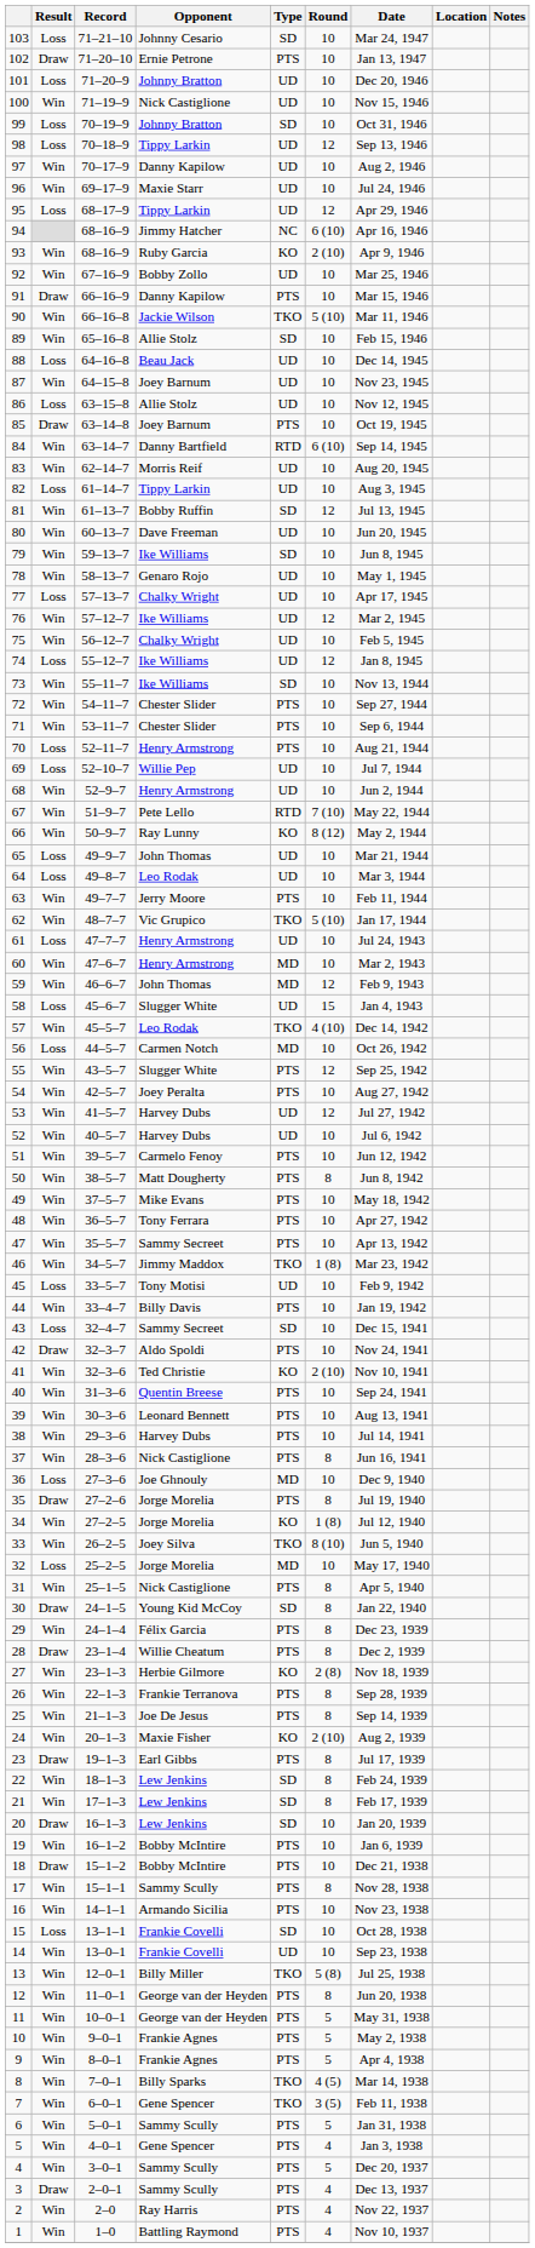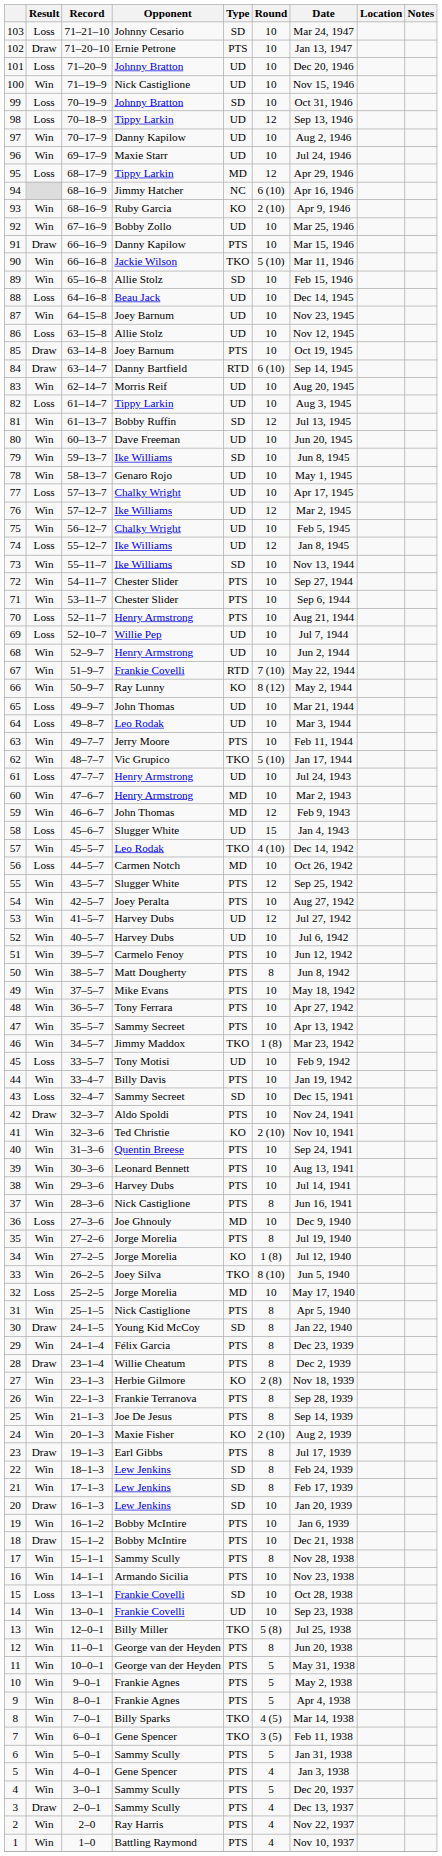 <table class="wikitable" style="text-align:center">
 <tr>
 <th></th>
 <th>Result</th>
 <th>Record</th>
 <th>Opponent</th>
 <th>Type</th>
 <th>Round</th>
 <th>Date</th>
 <th>Location</th>
 <th>Notes</th>
 </tr>
 <tr>
 <td>103</td>
 <td>Loss</td>
 <td>71–21–10 </td>
 <td align=left>Johnny Cesario</td>
 <td>SD</td>
 <td>10</td>
 <td>Mar 24, 1947</td>
 <td style="text-align:left;"></td>
 <td></td>
 </tr>
 <tr>
 <td>102</td>
 <td>Draw</td>
 <td>71–20–10 </td>
 <td align=left>Ernie Petrone</td>
 <td>PTS</td>
 <td>10</td>
 <td>Jan 13, 1947</td>
 <td style="text-align:left;"></td>
 <td></td>
 </tr>
 <tr>
 <td>101</td>
 <td>Loss</td>
 <td>71–20–9 </td>
 <td align=left><a href='#'>Johnny Bratton</a></td>
 <td>UD</td>
 <td>10</td>
 <td>Dec 20, 1946</td>
 <td style="text-align:left;"></td>
 <td></td>
 </tr>
 <tr>
 <td>100</td>
 <td>Win</td>
 <td>71–19–9 </td>
 <td align=left>Nick Castiglione</td>
 <td>UD</td>
 <td>10</td>
 <td>Nov 15, 1946</td>
 <td style="text-align:left;"></td>
 <td></td>
 </tr>
 <tr>
 <td>99</td>
 <td>Loss</td>
 <td>70–19–9 </td>
 <td align=left><a href='#'>Johnny Bratton</a></td>
 <td>SD</td>
 <td>10</td>
 <td>Oct 31, 1946</td>
 <td style="text-align:left;"></td>
 <td></td>
 </tr>
 <tr>
 <td>98</td>
 <td>Loss</td>
 <td>70–18–9 </td>
 <td align=left><a href='#'>Tippy Larkin</a></td>
 <td>UD</td>
 <td>12</td>
 <td>Sep 13, 1946</td>
 <td style="text-align:left;"></td>
 <td style="text-align:left;"></td>
 </tr>
 <tr>
 <td>97</td>
 <td>Win</td>
 <td>70–17–9 </td>
 <td align=left>Danny Kapilow</td>
 <td>UD</td>
 <td>10</td>
 <td>Aug 2, 1946</td>
 <td style="text-align:left;"></td>
 <td></td>
 </tr>
 <tr>
 <td>96</td>
 <td>Win</td>
 <td>69–17–9 </td>
 <td align=left>Maxie Starr</td>
 <td>UD</td>
 <td>10</td>
 <td>Jul 24, 1946</td>
 <td style="text-align:left;"></td>
 <td></td>
 </tr>
 <tr>
 <td>95</td>
 <td>Loss</td>
 <td>68–17–9 </td>
 <td align=left><a href='#'>Tippy Larkin</a></td>
-<td>UD</td>
+<td>MD</td>
 <td>12</td>
 <td>Apr 29, 1946</td>
 <td style="text-align:left;"></td>
 <td style="text-align:left;"></td>
 </tr>
 <tr>
 <td>94</td>
 <td style="background:#DDD"></td>
 <td>68–16–9 </td>
 <td align=left>Jimmy Hatcher</td>
 <td>NC</td>
 <td>6 (10)</td>
 <td>Apr 16, 1946</td>
 <td style="text-align:left;"></td>
 <td></td>
 </tr>
 <tr>
 <td>93</td>
 <td>Win</td>
 <td>68–16–9</td>
 <td align=left>Ruby Garcia</td>
 <td>KO</td>
 <td>2 (10)</td>
 <td>Apr 9, 1946</td>
 <td style="text-align:left;"></td>
 <td></td>
 </tr>
 <tr>
 <td>92</td>
 <td>Win</td>
 <td>67–16–9</td>
 <td align=left>Bobby Zollo</td>
 <td>UD</td>
 <td>10</td>
 <td>Mar 25, 1946</td>
 <td style="text-align:left;"></td>
 <td></td>
 </tr>
 <tr>
 <td>91</td>
 <td>Draw</td>
 <td>66–16–9</td>
 <td align=left>Danny Kapilow</td>
 <td>PTS</td>
 <td>10</td>
 <td>Mar 15, 1946</td>
 <td style="text-align:left;"></td>
 <td></td>
 </tr>
 <tr>
 <td>90</td>
 <td>Win</td>
 <td>66–16–8</td>
 <td align=left><a href='#'>Jackie Wilson</a></td>
 <td>TKO</td>
 <td>5 (10)</td>
 <td>Mar 11, 1946</td>
 <td style="text-align:left;"></td>
 <td></td>
 </tr>
 <tr>
 <td>89</td>
 <td>Win</td>
 <td>65–16–8</td>
 <td align=left>Allie Stolz</td>
 <td>SD</td>
 <td>10</td>
 <td>Feb 15, 1946</td>
 <td style="text-align:left;"></td>
 <td></td>
 </tr>
 <tr>
 <td>88</td>
 <td>Loss</td>
 <td>64–16–8</td>
 <td align=left><a href='#'>Beau Jack</a></td>
 <td>UD</td>
 <td>10</td>
 <td>Dec 14, 1945</td>
 <td style="text-align:left;"></td>
 <td></td>
 </tr>
 <tr>
 <td>87</td>
 <td>Win</td>
 <td>64–15–8</td>
 <td align=left>Joey Barnum</td>
 <td>UD</td>
 <td>10</td>
 <td>Nov 23, 1945</td>
 <td style="text-align:left;"></td>
 <td></td>
 </tr>
 <tr>
 <td>86</td>
 <td>Loss</td>
 <td>63–15–8</td>
 <td align=left>Allie Stolz</td>
 <td>UD</td>
 <td>10</td>
 <td>Nov 12, 1945</td>
 <td style="text-align:left;"></td>
 <td></td>
 </tr>
 <tr>
 <td>85</td>
 <td>Draw</td>
 <td>63–14–8</td>
 <td align=left>Joey Barnum</td>
 <td>PTS</td>
 <td>10</td>
 <td>Oct 19, 1945</td>
 <td style="text-align:left;"></td>
 <td></td>
 </tr>
 <tr>
 <td>84</td>
-<td>Win</td>
+<td>Draw</td>
 <td>63–14–7</td>
 <td align=left>Danny Bartfield</td>
 <td>RTD</td>
 <td>6 (10)</td>
 <td>Sep 14, 1945</td>
 <td style="text-align:left;"></td>
 <td></td>
 </tr>
 <tr>
 <td>83</td>
 <td>Win</td>
 <td>62–14–7</td>
 <td align=left>Morris Reif</td>
 <td>UD</td>
 <td>10</td>
 <td>Aug 20, 1945</td>
 <td style="text-align:left;"></td>
 <td></td>
 </tr>
 <tr>
 <td>82</td>
 <td>Loss</td>
 <td>61–14–7</td>
 <td align=left><a href='#'>Tippy Larkin</a></td>
 <td>UD</td>
 <td>10</td>
 <td>Aug 3, 1945</td>
 <td style="text-align:left;"></td>
 <td></td>
 </tr>
 <tr>
 <td>81</td>
 <td>Win</td>
 <td>61–13–7</td>
 <td align=left>Bobby Ruffin</td>
 <td>SD</td>
 <td>12</td>
 <td>Jul 13, 1945</td>
 <td style="text-align:left;"></td>
 <td></td>
 </tr>
 <tr>
 <td>80</td>
 <td>Win</td>
 <td>60–13–7</td>
 <td align=left>Dave Freeman</td>
 <td>UD</td>
 <td>10</td>
 <td>Jun 20, 1945</td>
 <td style="text-align:left;"></td>
 <td></td>
 </tr>
 <tr>
 <td>79</td>
 <td>Win</td>
 <td>59–13–7</td>
 <td align=left><a href='#'>Ike Williams</a></td>
 <td>SD</td>
 <td>10</td>
 <td>Jun 8, 1945</td>
 <td style="text-align:left;"></td>
 <td></td>
 </tr>
 <tr>
 <td>78</td>
 <td>Win</td>
 <td>58–13–7</td>
 <td align=left>Genaro Rojo</td>
 <td>UD</td>
 <td>10</td>
 <td>May 1, 1945</td>
 <td style="text-align:left;"></td>
 <td></td>
 </tr>
 <tr>
 <td>77</td>
 <td>Loss</td>
 <td>57–13–7</td>
 <td align=left><a href='#'>Chalky Wright</a></td>
 <td>UD</td>
 <td>10</td>
 <td>Apr 17, 1945</td>
 <td style="text-align:left;"></td>
 <td></td>
 </tr>
 <tr>
 <td>76</td>
 <td>Win</td>
 <td>57–12–7</td>
 <td align=left><a href='#'>Ike Williams</a></td>
 <td>UD</td>
 <td>12</td>
 <td>Mar 2, 1945</td>
 <td style="text-align:left;"></td>
 <td></td>
 </tr>
 <tr>
 <td>75</td>
 <td>Win</td>
 <td>56–12–7</td>
 <td align=left><a href='#'>Chalky Wright</a></td>
 <td>UD</td>
 <td>10</td>
 <td>Feb 5, 1945</td>
 <td style="text-align:left;"></td>
 <td></td>
 </tr>
 <tr>
 <td>74</td>
 <td>Loss</td>
 <td>55–12–7</td>
 <td align=left><a href='#'>Ike Williams</a></td>
 <td>UD</td>
 <td>12</td>
 <td>Jan 8, 1945</td>
 <td style="text-align:left;"></td>
 <td></td>
 </tr>
 <tr>
 <td>73</td>
 <td>Win</td>
 <td>55–11–7</td>
 <td align=left><a href='#'>Ike Williams</a></td>
 <td>SD</td>
 <td>10</td>
 <td>Nov 13, 1944</td>
 <td style="text-align:left;"></td>
 <td></td>
 </tr>
 <tr>
 <td>72</td>
 <td>Win</td>
 <td>54–11–7</td>
 <td align=left>Chester Slider</td>
 <td>PTS</td>
 <td>10</td>
 <td>Sep 27, 1944</td>
 <td style="text-align:left;"></td>
 <td></td>
 </tr>
 <tr>
 <td>71</td>
 <td>Win</td>
 <td>53–11–7</td>
 <td align=left>Chester Slider</td>
 <td>PTS</td>
 <td>10</td>
 <td>Sep 6, 1944</td>
 <td style="text-align:left;"></td>
 <td></td>
 </tr>
 <tr>
 <td>70</td>
 <td>Loss</td>
 <td>52–11–7</td>
 <td align=left><a href='#'>Henry Armstrong</a></td>
 <td>PTS</td>
 <td>10</td>
 <td>Aug 21, 1944</td>
 <td style="text-align:left;"></td>
 <td></td>
 </tr>
 <tr>
 <td>69</td>
 <td>Loss</td>
 <td>52–10–7</td>
 <td align=left><a href='#'>Willie Pep</a></td>
 <td>UD</td>
 <td>10</td>
 <td>Jul 7, 1944</td>
 <td style="text-align:left;"></td>
 <td></td>
 </tr>
 <tr>
 <td>68</td>
 <td>Win</td>
 <td>52–9–7</td>
 <td align=left><a href='#'>Henry Armstrong</a></td>
 <td>UD</td>
 <td>10</td>
 <td>Jun 2, 1944</td>
 <td style="text-align:left;"></td>
 <td></td>
 </tr>
 <tr>
 <td>67</td>
 <td>Win</td>
 <td>51–9–7</td>
-<td align=left>Pete Lello</td>
+<td align=left><a href='#'>Frankie Covelli</a></td>
 <td>RTD</td>
 <td>7 (10)</td>
 <td>May 22, 1944</td>
 <td style="text-align:left;"></td>
 <td></td>
 </tr>
 <tr>
 <td>66</td>
 <td>Win</td>
 <td>50–9–7</td>
 <td align=left>Ray Lunny</td>
 <td>KO</td>
 <td>8 (12)</td>
 <td>May 2, 1944</td>
 <td style="text-align:left;"></td>
 <td style="text-align:left;"></td>
 </tr>
 <tr>
 <td>65</td>
 <td>Loss</td>
 <td>49–9–7</td>
 <td align=left>John Thomas</td>
 <td>UD</td>
 <td>10</td>
 <td>Mar 21, 1944</td>
 <td style="text-align:left;"></td>
 <td></td>
 </tr>
 <tr>
 <td>64</td>
 <td>Loss</td>
 <td>49–8–7</td>
 <td align=left><a href='#'>Leo Rodak</a></td>
 <td>UD</td>
 <td>10</td>
 <td>Mar 3, 1944</td>
 <td style="text-align:left;"></td>
 <td></td>
 </tr>
 <tr>
 <td>63</td>
 <td>Win</td>
 <td>49–7–7</td>
 <td align=left>Jerry Moore</td>
 <td>PTS</td>
 <td>10</td>
 <td>Feb 11, 1944</td>
 <td style="text-align:left;"></td>
 <td></td>
 </tr>
 <tr>
 <td>62</td>
 <td>Win</td>
 <td>48–7–7</td>
 <td align=left>Vic Grupico</td>
 <td>TKO</td>
 <td>5 (10)</td>
 <td>Jan 17, 1944</td>
 <td style="text-align:left;"></td>
 <td></td>
 </tr>
 <tr>
 <td>61</td>
 <td>Loss</td>
 <td>47–7–7</td>
 <td align=left><a href='#'>Henry Armstrong</a></td>
 <td>UD</td>
 <td>10</td>
 <td>Jul 24, 1943</td>
 <td style="text-align:left;"></td>
 <td></td>
 </tr>
 <tr>
 <td>60</td>
 <td>Win</td>
 <td>47–6–7</td>
 <td align=left><a href='#'>Henry Armstrong</a></td>
 <td>MD</td>
 <td>10</td>
 <td>Mar 2, 1943</td>
 <td style="text-align:left;"></td>
 <td></td>
 </tr>
 <tr>
 <td>59</td>
 <td>Win</td>
 <td>46–6–7</td>
 <td align=left>John Thomas</td>
 <td>MD</td>
 <td>12</td>
 <td>Feb 9, 1943</td>
 <td style="text-align:left;"></td>
 <td></td>
 </tr>
 <tr>
 <td>58</td>
 <td>Loss</td>
 <td>45–6–7</td>
 <td align=left>Slugger White</td>
 <td>UD</td>
 <td>15</td>
 <td>Jan 4, 1943</td>
 <td style="text-align:left;"></td>
 <td style="text-align:left;"></td>
 </tr>
 <tr>
 <td>57</td>
 <td>Win</td>
 <td>45–5–7</td>
 <td align=left><a href='#'>Leo Rodak</a></td>
 <td>TKO</td>
 <td>4 (10)</td>
 <td>Dec 14, 1942</td>
 <td style="text-align:left;"></td>
 <td></td>
 </tr>
 <tr>
 <td>56</td>
 <td>Loss</td>
 <td>44–5–7</td>
 <td align=left>Carmen Notch</td>
 <td>MD</td>
 <td>10</td>
 <td>Oct 26, 1942</td>
 <td style="text-align:left;"></td>
 <td></td>
 </tr>
 <tr>
 <td>55</td>
 <td>Win</td>
 <td>43–5–7</td>
 <td align=left>Slugger White</td>
 <td>PTS</td>
 <td>12</td>
 <td>Sep 25, 1942</td>
 <td style="text-align:left;"></td>
 <td style="text-align:left;"></td>
 </tr>
 <tr>
 <td>54</td>
 <td>Win</td>
 <td>42–5–7</td>
 <td align=left>Joey Peralta</td>
 <td>PTS</td>
 <td>10</td>
 <td>Aug 27, 1942</td>
 <td style="text-align:left;"></td>
 <td></td>
 </tr>
 <tr>
 <td>53</td>
 <td>Win</td>
 <td>41–5–7</td>
 <td align=left>Harvey Dubs</td>
 <td>UD</td>
 <td>12</td>
 <td>Jul 27, 1942</td>
 <td style="text-align:left;"></td>
 <td></td>
 </tr>
 <tr>
 <td>52</td>
 <td>Win</td>
 <td>40–5–7</td>
 <td align=left>Harvey Dubs</td>
 <td>UD</td>
 <td>10</td>
 <td>Jul 6, 1942</td>
 <td style="text-align:left;"></td>
 <td></td>
 </tr>
 <tr>
 <td>51</td>
 <td>Win</td>
 <td>39–5–7</td>
 <td align=left>Carmelo Fenoy</td>
 <td>PTS</td>
 <td>10</td>
 <td>Jun 12, 1942</td>
 <td style="text-align:left;"></td>
 <td></td>
 </tr>
 <tr>
 <td>50</td>
 <td>Win</td>
 <td>38–5–7</td>
 <td align=left>Matt Dougherty</td>
 <td>PTS</td>
 <td>8</td>
 <td>Jun 8, 1942</td>
 <td style="text-align:left;"></td>
 <td></td>
 </tr>
 <tr>
 <td>49</td>
 <td>Win</td>
 <td>37–5–7</td>
 <td align=left>Mike Evans</td>
 <td>PTS</td>
 <td>10</td>
 <td>May 18, 1942</td>
 <td style="text-align:left;"></td>
 <td></td>
 </tr>
 <tr>
 <td>48</td>
 <td>Win</td>
 <td>36–5–7</td>
 <td align=left>Tony Ferrara</td>
 <td>PTS</td>
 <td>10</td>
 <td>Apr 27, 1942</td>
 <td style="text-align:left;"></td>
 <td></td>
 </tr>
 <tr>
 <td>47</td>
 <td>Win</td>
 <td>35–5–7</td>
 <td align=left>Sammy Secreet</td>
 <td>PTS</td>
 <td>10</td>
 <td>Apr 13, 1942</td>
 <td style="text-align:left;"></td>
 <td></td>
 </tr>
 <tr>
 <td>46</td>
 <td>Win</td>
 <td>34–5–7</td>
 <td align=left>Jimmy Maddox</td>
 <td>TKO</td>
 <td>1 (8)</td>
 <td>Mar 23, 1942</td>
 <td style="text-align:left;"></td>
 <td></td>
 </tr>
 <tr>
 <td>45</td>
 <td>Loss</td>
 <td>33–5–7</td>
 <td align=left>Tony Motisi</td>
 <td>UD</td>
 <td>10</td>
 <td>Feb 9, 1942</td>
 <td style="text-align:left;"></td>
 <td></td>
 </tr>
 <tr>
 <td>44</td>
 <td>Win</td>
 <td>33–4–7</td>
 <td align=left>Billy Davis</td>
 <td>PTS</td>
 <td>10</td>
 <td>Jan 19, 1942</td>
 <td style="text-align:left;"></td>
 <td></td>
 </tr>
 <tr>
 <td>43</td>
 <td>Loss</td>
 <td>32–4–7</td>
 <td align=left>Sammy Secreet</td>
 <td>SD</td>
 <td>10</td>
 <td>Dec 15, 1941</td>
 <td style="text-align:left;"></td>
 <td></td>
 </tr>
 <tr>
 <td>42</td>
 <td>Draw</td>
 <td>32–3–7</td>
 <td align=left>Aldo Spoldi</td>
 <td>PTS</td>
 <td>10</td>
 <td>Nov 24, 1941</td>
 <td style="text-align:left;"></td>
 <td></td>
 </tr>
 <tr>
 <td>41</td>
 <td>Win</td>
 <td>32–3–6</td>
 <td align=left>Ted Christie</td>
 <td>KO</td>
 <td>2 (10)</td>
 <td>Nov 10, 1941</td>
 <td style="text-align:left;"></td>
 <td></td>
 </tr>
 <tr>
 <td>40</td>
 <td>Win</td>
 <td>31–3–6</td>
 <td align=left><a href='#'>Quentin Breese</a></td>
 <td>PTS</td>
 <td>10</td>
 <td>Sep 24, 1941</td>
 <td style="text-align:left;"></td>
 <td></td>
 </tr>
 <tr>
 <td>39</td>
 <td>Win</td>
 <td>30–3–6</td>
 <td align=left>Leonard Bennett</td>
 <td>PTS</td>
 <td>10</td>
 <td>Aug 13, 1941</td>
 <td style="text-align:left;"></td>
 <td></td>
 </tr>
 <tr>
 <td>38</td>
 <td>Win</td>
 <td>29–3–6</td>
 <td align=left>Harvey Dubs</td>
 <td>PTS</td>
 <td>10</td>
 <td>Jul 14, 1941</td>
 <td style="text-align:left;"></td>
 <td></td>
 </tr>
 <tr>
 <td>37</td>
 <td>Win</td>
 <td>28–3–6</td>
 <td align=left>Nick Castiglione</td>
 <td>PTS</td>
 <td>8</td>
 <td>Jun 16, 1941</td>
 <td style="text-align:left;"></td>
 <td></td>
 </tr>
 <tr>
 <td>36</td>
 <td>Loss</td>
 <td>27–3–6</td>
 <td align=left>Joe Ghnouly</td>
 <td>MD</td>
 <td>10</td>
 <td>Dec 9, 1940</td>
 <td style="text-align:left;"></td>
 <td></td>
 </tr>
 <tr>
 <td>35</td>
-<td>Draw</td>
+<td>Win</td>
 <td>27–2–6</td>
 <td align=left>Jorge Morelia</td>
 <td>PTS</td>
 <td>8</td>
 <td>Jul 19, 1940</td>
 <td style="text-align:left;"></td>
 <td></td>
 </tr>
 <tr>
 <td>34</td>
 <td>Win</td>
 <td>27–2–5</td>
 <td align=left>Jorge Morelia</td>
 <td>KO</td>
 <td>1 (8)</td>
 <td>Jul 12, 1940</td>
 <td style="text-align:left;"></td>
 <td></td>
 </tr>
 <tr>
 <td>33</td>
 <td>Win</td>
 <td>26–2–5</td>
 <td align=left>Joey Silva</td>
 <td>TKO</td>
 <td>8 (10)</td>
 <td>Jun 5, 1940</td>
 <td style="text-align:left;"></td>
 <td></td>
 </tr>
 <tr>
 <td>32</td>
 <td>Loss</td>
 <td>25–2–5</td>
 <td align=left>Jorge Morelia</td>
 <td>MD</td>
 <td>10</td>
 <td>May 17, 1940</td>
 <td style="text-align:left;"></td>
 <td></td>
 </tr>
 <tr>
 <td>31</td>
 <td>Win</td>
 <td>25–1–5</td>
 <td align=left>Nick Castiglione</td>
 <td>PTS</td>
 <td>8</td>
 <td>Apr 5, 1940</td>
 <td style="text-align:left;"></td>
 <td></td>
 </tr>
 <tr>
 <td>30</td>
 <td>Draw</td>
 <td>24–1–5</td>
 <td align=left>Young Kid McCoy</td>
 <td>SD</td>
 <td>8</td>
 <td>Jan 22, 1940</td>
 <td style="text-align:left;"></td>
 <td></td>
 </tr>
 <tr>
 <td>29</td>
 <td>Win</td>
 <td>24–1–4</td>
 <td align=left>Félix Garcia</td>
 <td>PTS</td>
 <td>8</td>
 <td>Dec 23, 1939</td>
 <td style="text-align:left;"></td>
 <td></td>
 </tr>
 <tr>
 <td>28</td>
 <td>Draw</td>
 <td>23–1–4</td>
 <td align=left>Willie Cheatum</td>
 <td>PTS</td>
 <td>8</td>
 <td>Dec 2, 1939</td>
 <td style="text-align:left;"></td>
 <td></td>
 </tr>
 <tr>
 <td>27</td>
 <td>Win</td>
 <td>23–1–3</td>
 <td align=left>Herbie Gilmore</td>
 <td>KO</td>
 <td>2 (8)</td>
 <td>Nov 18, 1939</td>
 <td style="text-align:left;"></td>
 <td></td>
 </tr>
 <tr>
 <td>26</td>
 <td>Win</td>
 <td>22–1–3</td>
 <td align=left>Frankie Terranova</td>
 <td>PTS</td>
 <td>8</td>
 <td>Sep 28, 1939</td>
 <td style="text-align:left;"></td>
 <td></td>
 </tr>
 <tr>
 <td>25</td>
 <td>Win</td>
 <td>21–1–3</td>
 <td align=left>Joe De Jesus</td>
 <td>PTS</td>
 <td>8</td>
 <td>Sep 14, 1939</td>
 <td style="text-align:left;"></td>
 <td></td>
 </tr>
 <tr>
 <td>24</td>
 <td>Win</td>
 <td>20–1–3</td>
 <td align=left>Maxie Fisher</td>
 <td>KO</td>
 <td>2 (10)</td>
 <td>Aug 2, 1939</td>
 <td style="text-align:left;"></td>
 <td></td>
 </tr>
 <tr>
 <td>23</td>
 <td>Draw</td>
 <td>19–1–3</td>
 <td align=left>Earl Gibbs</td>
 <td>PTS</td>
 <td>8</td>
 <td>Jul 17, 1939</td>
 <td style="text-align:left;"></td>
 <td></td>
 </tr>
 <tr>
 <td>22</td>
 <td>Win</td>
 <td>18–1–3</td>
 <td align=left><a href='#'>Lew Jenkins</a></td>
 <td>SD</td>
 <td>8</td>
 <td>Feb 24, 1939</td>
 <td style="text-align:left;"></td>
 <td></td>
 </tr>
 <tr>
 <td>21</td>
 <td>Win</td>
 <td>17–1–3</td>
 <td align=left><a href='#'>Lew Jenkins</a></td>
 <td>SD</td>
 <td>8</td>
 <td>Feb 17, 1939</td>
 <td style="text-align:left;"></td>
 <td></td>
 </tr>
 <tr>
 <td>20</td>
 <td>Draw</td>
 <td>16–1–3</td>
 <td align=left><a href='#'>Lew Jenkins</a></td>
 <td>SD</td>
 <td>10</td>
 <td>Jan 20, 1939</td>
 <td style="text-align:left;"></td>
 <td></td>
 </tr>
 <tr>
 <td>19</td>
 <td>Win</td>
 <td>16–1–2</td>
 <td align=left>Bobby McIntire</td>
 <td>PTS</td>
 <td>10</td>
 <td>Jan 6, 1939</td>
 <td style="text-align:left;"></td>
 <td></td>
 </tr>
 <tr>
 <td>18</td>
 <td>Draw</td>
 <td>15–1–2</td>
 <td align=left>Bobby McIntire</td>
 <td>PTS</td>
 <td>10</td>
 <td>Dec 21, 1938</td>
 <td style="text-align:left;"></td>
 <td></td>
 </tr>
 <tr>
 <td>17</td>
 <td>Win</td>
 <td>15–1–1</td>
 <td align=left>Sammy Scully</td>
 <td>PTS</td>
 <td>8</td>
 <td>Nov 28, 1938</td>
 <td style="text-align:left;"></td>
 <td></td>
 </tr>
 <tr>
 <td>16</td>
 <td>Win</td>
 <td>14–1–1</td>
 <td align=left>Armando Sicilia</td>
 <td>PTS</td>
 <td>10</td>
 <td>Nov 23, 1938</td>
 <td style="text-align:left;"></td>
 <td></td>
 </tr>
 <tr>
 <td>15</td>
 <td>Loss</td>
 <td>13–1–1</td>
 <td align=left><a href='#'>Frankie Covelli</a></td>
 <td>SD</td>
 <td>10</td>
 <td>Oct 28, 1938</td>
 <td style="text-align:left;"></td>
 <td></td>
 </tr>
 <tr>
 <td>14</td>
 <td>Win</td>
 <td>13–0–1</td>
 <td align=left><a href='#'>Frankie Covelli</a></td>
 <td>UD</td>
 <td>10</td>
 <td>Sep 23, 1938</td>
 <td style="text-align:left;"></td>
 <td></td>
 </tr>
 <tr>
 <td>13</td>
 <td>Win</td>
 <td>12–0–1</td>
 <td align=left>Billy Miller</td>
 <td>TKO</td>
 <td>5 (8)</td>
 <td>Jul 25, 1938</td>
 <td style="text-align:left;"></td>
 <td></td>
 </tr>
 <tr>
 <td>12</td>
 <td>Win</td>
 <td>11–0–1</td>
 <td align=left>George van der Heyden</td>
 <td>PTS</td>
 <td>8</td>
 <td>Jun 20, 1938</td>
 <td style="text-align:left;"></td>
 <td></td>
 </tr>
 <tr>
 <td>11</td>
 <td>Win</td>
 <td>10–0–1</td>
 <td align=left>George van der Heyden</td>
 <td>PTS</td>
 <td>5</td>
 <td>May 31, 1938</td>
 <td style="text-align:left;"></td>
 <td></td>
 </tr>
 <tr>
 <td>10</td>
 <td>Win</td>
 <td>9–0–1</td>
 <td align=left>Frankie Agnes</td>
 <td>PTS</td>
 <td>5</td>
 <td>May 2, 1938</td>
 <td style="text-align:left;"></td>
 <td></td>
 </tr>
 <tr>
 <td>9</td>
 <td>Win</td>
 <td>8–0–1</td>
 <td align=left>Frankie Agnes</td>
 <td>PTS</td>
 <td>5</td>
 <td>Apr 4, 1938</td>
 <td style="text-align:left;"></td>
 <td></td>
 </tr>
 <tr>
 <td>8</td>
 <td>Win</td>
 <td>7–0–1</td>
 <td align=left>Billy Sparks</td>
 <td>TKO</td>
 <td>4 (5)</td>
 <td>Mar 14, 1938</td>
 <td style="text-align:left;"></td>
 <td></td>
 </tr>
 <tr>
 <td>7</td>
 <td>Win</td>
 <td>6–0–1</td>
 <td align=left>Gene Spencer</td>
 <td>TKO</td>
 <td>3 (5)</td>
 <td>Feb 11, 1938</td>
 <td style="text-align:left;"></td>
 <td></td>
 </tr>
 <tr>
 <td>6</td>
 <td>Win</td>
 <td>5–0–1</td>
 <td align=left>Sammy Scully</td>
 <td>PTS</td>
 <td>5</td>
 <td>Jan 31, 1938</td>
 <td style="text-align:left;"></td>
 <td></td>
 </tr>
 <tr>
 <td>5</td>
 <td>Win</td>
 <td>4–0–1</td>
 <td align=left>Gene Spencer</td>
 <td>PTS</td>
 <td>4</td>
 <td>Jan 3, 1938</td>
 <td style="text-align:left;"></td>
 <td></td>
 </tr>
 <tr>
 <td>4</td>
 <td>Win</td>
 <td>3–0–1</td>
 <td align=left>Sammy Scully</td>
 <td>PTS</td>
 <td>5</td>
 <td>Dec 20, 1937</td>
 <td style="text-align:left;"></td>
 <td></td>
 </tr>
 <tr>
 <td>3</td>
 <td>Draw</td>
 <td>2–0–1</td>
 <td align=left>Sammy Scully</td>
 <td>PTS</td>
 <td>4</td>
 <td>Dec 13, 1937</td>
 <td style="text-align:left;"></td>
 <td></td>
 </tr>
 <tr>
 <td>2</td>
 <td>Win</td>
 <td>2–0</td>
 <td align=left>Ray Harris</td>
 <td>PTS</td>
 <td>4</td>
 <td>Nov 22, 1937</td>
 <td style="text-align:left;"></td>
 <td></td>
 </tr>
 <tr>
 <td>1</td>
 <td>Win</td>
 <td>1–0</td>
 <td align=left>Battling Raymond</td>
 <td>PTS</td>
 <td>4</td>
 <td>Nov 10, 1937</td>
 <td style="text-align:left;"></td>
 <td></td>
 </tr>
 <tr>
 </tr>
 </table>
